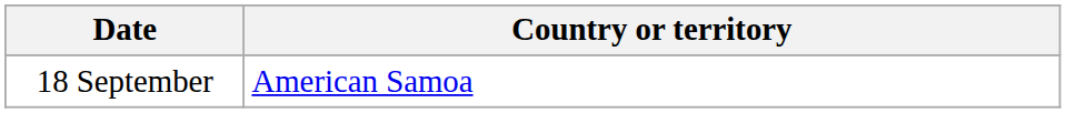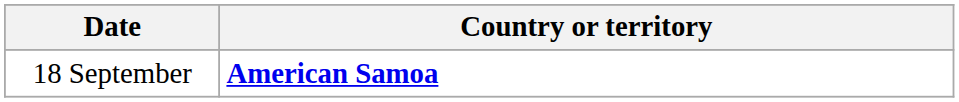 <table class="wikitable sortable">
 <tr>
 <th style="width:7em;">Date</th>
 <th style="width:25em;">Country or territory</th>
 </tr>
 <tr style="background:#fff;">
 <td style="text-align:center;">18 September</td>
-<td> <a href='#'>American Samoa</a></td>
+<td><strong> <a href='#'>American Samoa</a></strong></td>
 </tr>
 </table>
